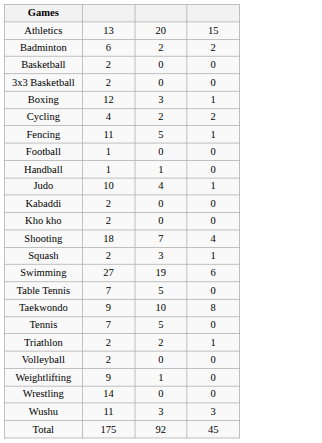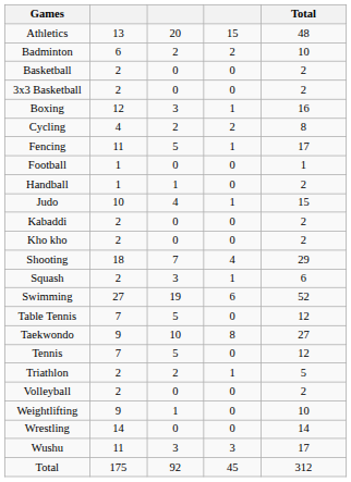 <table class="wikitable sortable" style="text-align:center; font-size:90%">
 <tr>
 <th width="100">Games</th>
 <th width="65"></th>
 <th width="65"></th>
 <th width="65"></th>
+<th width="100">Total</th>
 </tr>
 <tr>
 <td>Athletics</td>
 <td>13</td>
 <td>20</td>
 <td>15</td>
+<td>48</td>
 </tr>
 <tr>
 <td>Badminton</td>
 <td>6</td>
 <td>2</td>
 <td>2</td>
+<td>10</td>
 </tr>
 <tr>
 <td>Basketball</td>
 <td>2</td>
 <td>0</td>
 <td>0</td>
+<td>2</td>
 </tr>
 <tr>
 <td>3x3 Basketball</td>
 <td>2</td>
 <td>0</td>
 <td>0</td>
+<td>2</td>
 </tr>
 <tr>
 <td>Boxing</td>
 <td>12</td>
 <td>3</td>
 <td>1</td>
+<td>16</td>
 </tr>
 <tr>
 <td>Cycling</td>
 <td>4</td>
 <td>2</td>
 <td>2</td>
+<td>8</td>
 </tr>
 <tr>
 <td>Fencing</td>
 <td>11</td>
 <td>5</td>
 <td>1</td>
+<td>17</td>
 </tr>
 <tr>
 <td>Football</td>
 <td>1</td>
 <td>0</td>
 <td>0</td>
+<td>1</td>
 </tr>
 <tr>
 <td>Handball</td>
 <td>1</td>
 <td>1</td>
 <td>0</td>
+<td>2</td>
 </tr>
 <tr>
 <td>Judo</td>
 <td>10</td>
 <td>4</td>
 <td>1</td>
+<td>15</td>
 </tr>
 <tr>
 <td>Kabaddi</td>
 <td>2</td>
 <td>0</td>
 <td>0</td>
+<td>2</td>
 </tr>
 <tr>
 <td>Kho kho</td>
 <td>2</td>
 <td>0</td>
 <td>0</td>
+<td>2</td>
 </tr>
 <tr>
 <td>Shooting</td>
 <td>18</td>
 <td>7</td>
 <td>4</td>
+<td>29</td>
 </tr>
 <tr>
 <td>Squash</td>
 <td>2</td>
 <td>3</td>
 <td>1</td>
+<td>6</td>
 </tr>
 <tr>
 <td>Swimming</td>
 <td>27</td>
 <td>19</td>
 <td>6</td>
+<td>52</td>
 </tr>
 <tr>
 <td>Table Tennis</td>
 <td>7</td>
 <td>5</td>
 <td>0</td>
+<td>12</td>
 </tr>
 <tr>
 <td>Taekwondo</td>
 <td>9</td>
 <td>10</td>
 <td>8</td>
+<td>27</td>
 </tr>
 <tr>
 <td>Tennis</td>
 <td>7</td>
 <td>5</td>
 <td>0</td>
+<td>12</td>
 </tr>
 <tr>
 <td>Triathlon</td>
 <td>2</td>
 <td>2</td>
 <td>1</td>
+<td>5</td>
 </tr>
 <tr>
 <td>Volleyball</td>
 <td>2</td>
 <td>0</td>
 <td>0</td>
+<td>2</td>
 </tr>
 <tr>
 <td>Weightlifting</td>
 <td>9</td>
 <td>1</td>
 <td>0</td>
+<td>10</td>
 </tr>
 <tr>
 <td>Wrestling</td>
 <td>14</td>
 <td>0</td>
 <td>0</td>
+<td>14</td>
 </tr>
 <tr>
 <td>Wushu</td>
 <td>11</td>
 <td>3</td>
 <td>3</td>
+<td>17</td>
 </tr>
 <tr>
 <td>Total</td>
 <td>175</td>
 <td>92</td>
 <td>45</td>
+<td>312</td>
 </tr>
 </table>
